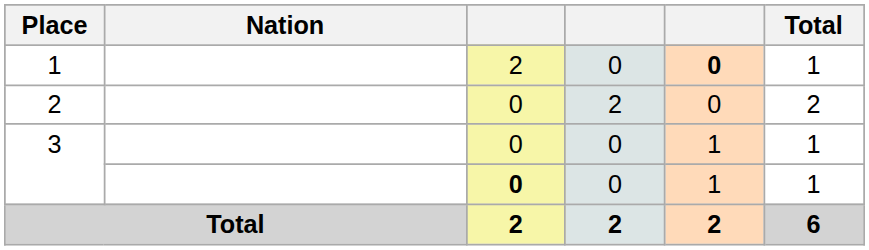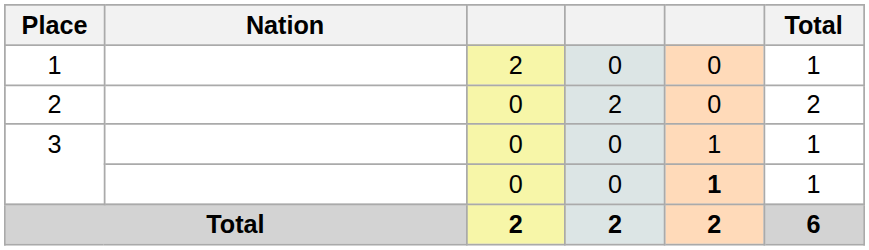 <table class=wikitable style="border:1px solid #AAAAAA;font-size:90%">
 <tr bgcolor="#EFEFEF">
 <th width=50>Place</th>
 <th width=200>Nation</th>
 <th width=50></th>
 <th width=50></th>
 <th width=50></th>
 <th width=50>Total</th>
 </tr>
 <tr align="center" valign="top" bgcolor="#FFFFFF">
 <td>1</td>
 <td align="left"></td>
 <td style="background:#F7F6A8;">2</td>
 <td style="background:#DCE5E5;">0</td>
-<td style="background:#FFDAB9;"><strong>0</strong></td>
+<td style="background:#FFDAB9;">0</td>
 <td>1</td>
 </tr>
 <tr align="center" valign="top" bgcolor="#FFFFFF">
 <td>2</td>
 <td align="left"></td>
 <td style="background:#F7F6A8;">0</td>
 <td style="background:#DCE5E5;">2</td>
 <td style="background:#FFDAB9;">0</td>
 <td>2</td>
 </tr>
 <tr align="center" valign="top" bgcolor="#FFFFFF">
 <td rowspan="2" valign="center">3</td>
 <td align="left"></td>
 <td style="background:#F7F6A8;">0</td>
 <td style="background:#DCE5E5;">0</td>
 <td style="background:#FFDAB9;">1</td>
 <td>1</td>
 </tr>
 <tr align="center" valign="top" bgcolor="#FFFFFF">
 <td align="left"></td>
-<td style="background:#F7F6A8;"><strong>0</strong></td>
+<td style="background:#F7F6A8;">0</td>
 <td style="background:#DCE5E5;">0</td>
-<td style="background:#FFDAB9;">1</td>
+<td style="background:#FFDAB9;"><strong>1</strong></td>
 <td>1</td>
 </tr>
 <tr align="center">
 <td colspan="2" bgcolor=D3D3D3><strong>Total</strong></td>
 <td style="background:#F7F6A8;"><strong>2</strong></td>
 <td style="background:#DCE5E5;"><strong>2</strong></td>
 <td style="background:#FFDAB9;"><strong>2</strong></td>
 <td bgcolor=D3D3D3><strong>6</strong></td>
 </tr>
 </table>
